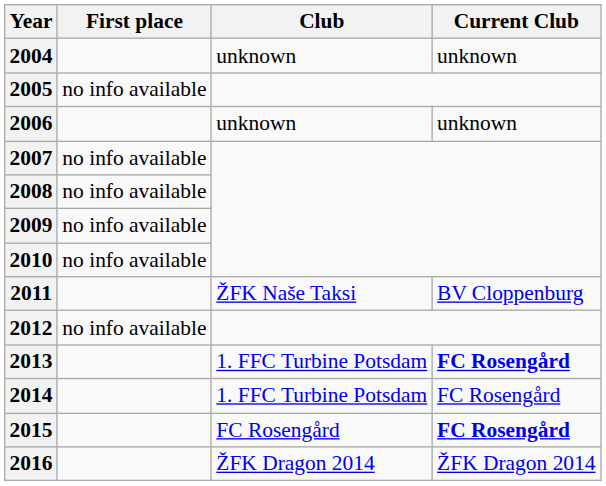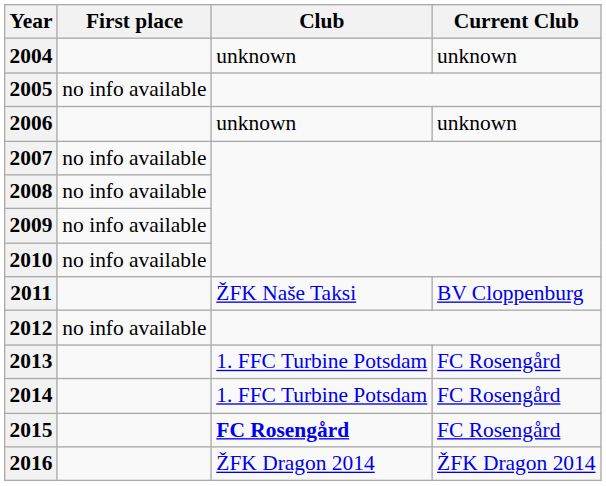 <table class="wikitable plainrowheaders sortable">
 <tr>
 <th scope=col>Year</th>
 <th scope=col>First place</th>
 <th scope=col>Club</th>
 <th scope=col>Current Club</th>
 </tr>
 <tr>
 <th scope=row style=text-align:center>2004</th>
 <td></td>
 <td> unknown</td>
 <td> unknown</td>
 </tr>
 <tr>
 <th scope=row style=text-align:center>2005</th>
 <td>no info available</td>
 </tr>
 <tr>
 <th scope=row style=text-align:center>2006</th>
 <td></td>
 <td> unknown</td>
 <td> unknown</td>
 </tr>
 <tr>
 <th scope=row style=text-align:center>2007</th>
 <td>no info available</td>
 </tr>
 <tr>
 <th scope=row style=text-align:center>2008</th>
 <td>no info available</td>
 </tr>
 <tr>
 <th scope=row style=text-align:center>2009</th>
 <td>no info available</td>
 </tr>
 <tr>
 <th scope=row style=text-align:center>2010</th>
 <td>no info available</td>
 </tr>
 <tr>
 <th scope=row style=text-align:center>2011</th>
 <td></td>
 <td> <a href='#'>ŽFK Naše Taksi</a></td>
 <td> <a href='#'>BV Cloppenburg</a></td>
 </tr>
 <tr>
 <th scope=row style=text-align:center>2012</th>
 <td>no info available</td>
 </tr>
 <tr>
 <th scope=row style=text-align:center>2013</th>
 <td></td>
 <td> <a href='#'>1. FFC Turbine Potsdam</a></td>
-<td><strong> <a href='#'>FC Rosengård</a></strong></td>
+<td> <a href='#'>FC Rosengård</a></td>
 </tr>
 <tr>
 <th scope=row style=text-align:center>2014</th>
 <td></td>
 <td> <a href='#'>1. FFC Turbine Potsdam</a></td>
 <td> <a href='#'>FC Rosengård</a></td>
 </tr>
 <tr>
 <th scope=row style=text-align:center>2015</th>
 <td></td>
+<td><strong> <a href='#'>FC Rosengård</a></strong></td>
 <td> <a href='#'>FC Rosengård</a></td>
-<td><strong> <a href='#'>FC Rosengård</a></strong></td>
 </tr>
 <tr>
 <th scope=row style=text-align:center>2016</th>
 <td></td>
 <td> <a href='#'>ŽFK Dragon 2014</a></td>
 <td> <a href='#'>ŽFK Dragon 2014</a></td>
 </tr>
 </table>
